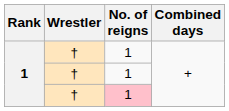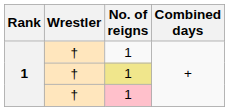 <table class="wikitable sortable" style="text-align: center">
 <tr>
 <th>Rank</th>
 <th>Wrestler</th>
 <th>No. of<br>reigns</th>
 <th data-sort-type="number">Combined<br>days</th>
 </tr>
 <tr>
 <th rowspan=3>1</th>
 <td style="background-color: #ffe6bd"> †</td>
 <td>1</td>
 <td rowspan=3>+</td>
 </tr>
 <tr>
 <td style="background-color: #ffe6bd"> †</td>
-<td>1</td>
+<td style="background: khaki;">1</td>
 </tr>
 <tr>
 <td style="background-color: #ffe6bd"> †</td>
 <td style="background: pink;">1</td>
 </tr>
 </table>
